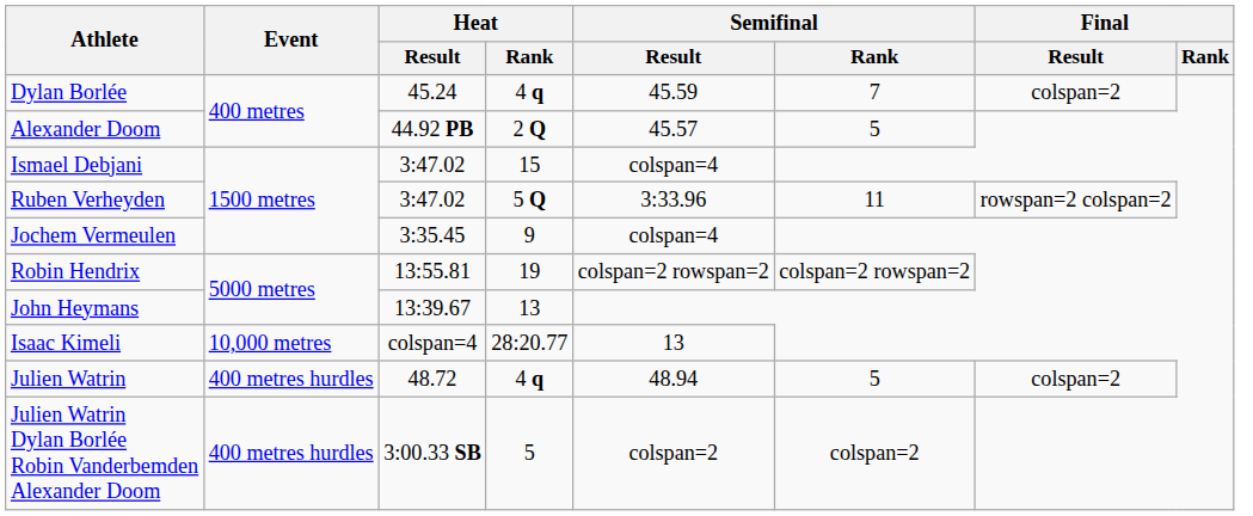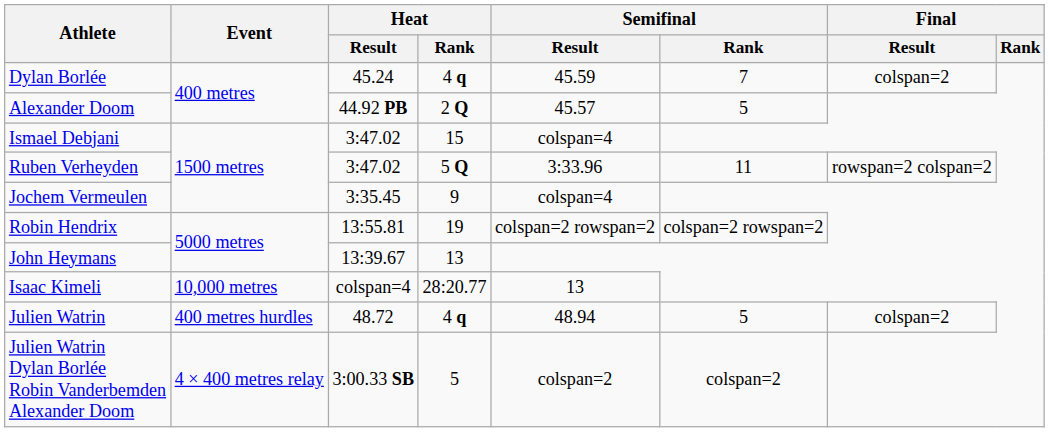 <table class="wikitable" style="font-size:90%">
 <tr>
 <th rowspan="2">Athlete</th>
 <th rowspan="2">Event</th>
 <th colspan="2">Heat</th>
 <th colspan="2">Semifinal</th>
 <th colspan="2">Final</th>
 </tr>
 <tr style="font-size:95%">
 <th>Result</th>
 <th>Rank</th>
 <th>Result</th>
 <th>Rank</th>
 <th>Result</th>
 <th>Rank</th>
 </tr>
 <tr align=center>
 <td align=left><a href='#'>Dylan Borlée</a></td>
 <td align=left rowspan=2><a href='#'>400 metres</a></td>
 <td>45.24</td>
 <td>4 <strong>q</strong></td>
 <td>45.59</td>
 <td>7</td>
 <td>colspan=2 </td>
 </tr>
 <tr align=center>
 <td align=left><a href='#'>Alexander Doom</a></td>
 <td>44.92 <strong>PB</strong></td>
 <td>2 <strong>Q</strong></td>
 <td>45.57</td>
 <td>5</td>
 </tr>
 <tr align=center>
 <td align=left><a href='#'>Ismael Debjani</a></td>
 <td align=left rowspan=3><a href='#'>1500 metres</a></td>
 <td>3:47.02</td>
 <td>15</td>
 <td>colspan=4 </td>
 </tr>
 <tr align=center>
 <td align=left><a href='#'>Ruben Verheyden</a></td>
 <td>3:47.02</td>
 <td>5 <strong>Q</strong></td>
 <td>3:33.96</td>
 <td>11</td>
 <td>rowspan=2 colspan=2 </td>
 </tr>
 <tr align=center>
 <td align=left><a href='#'>Jochem Vermeulen</a></td>
 <td>3:35.45</td>
 <td>9</td>
 <td>colspan=4 </td>
 </tr>
 <tr align=center>
 <td align=left><a href='#'>Robin Hendrix</a></td>
 <td align=left rowspan=2><a href='#'>5000 metres</a></td>
 <td>13:55.81</td>
 <td>19</td>
 <td>colspan=2 rowspan=2 </td>
 <td>colspan=2 rowspan=2 </td>
 </tr>
 <tr align=center>
 <td align=left><a href='#'>John Heymans</a></td>
 <td>13:39.67</td>
 <td>13</td>
 </tr>
 <tr align=center>
 <td align=left><a href='#'>Isaac Kimeli</a></td>
 <td align=left><a href='#'>10,000 metres</a></td>
 <td>colspan=4</td>
 <td>28:20.77 </td>
 <td>13</td>
 </tr>
 <tr align=center>
 <td align=left><a href='#'>Julien Watrin</a></td>
 <td align=left><a href='#'>400 metres hurdles</a></td>
 <td>48.72 </td>
 <td>4 <strong>q</strong></td>
 <td>48.94</td>
 <td>5</td>
 <td>colspan=2 </td>
 </tr>
 <tr align=center>
 <td align=left><a href='#'>Julien Watrin</a><br><a href='#'>Dylan Borlée</a><br><a href='#'>Robin Vanderbemden</a><br><a href='#'>Alexander Doom</a></td>
-<td align=left><a href='#'>400 metres hurdles</a></td>
+<td align=left><a href='#'>4 × 400 metres relay</a></td>
 <td>3:00.33 <strong>SB</strong></td>
 <td>5</td>
 <td>colspan=2</td>
 <td>colspan=2 </td>
 </tr>
 </table>
